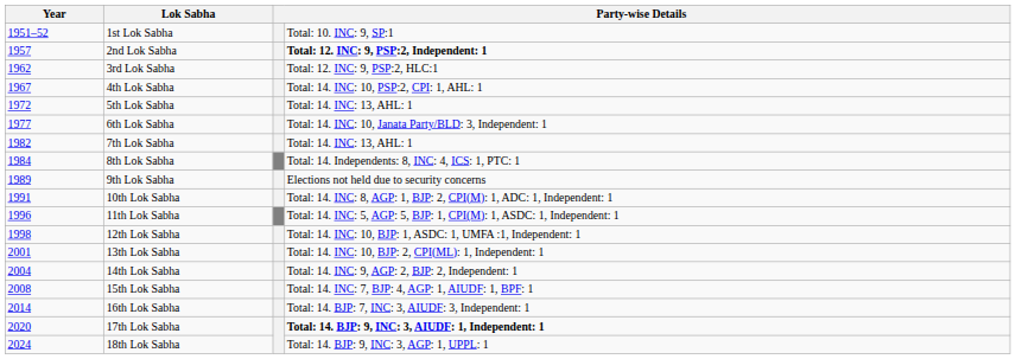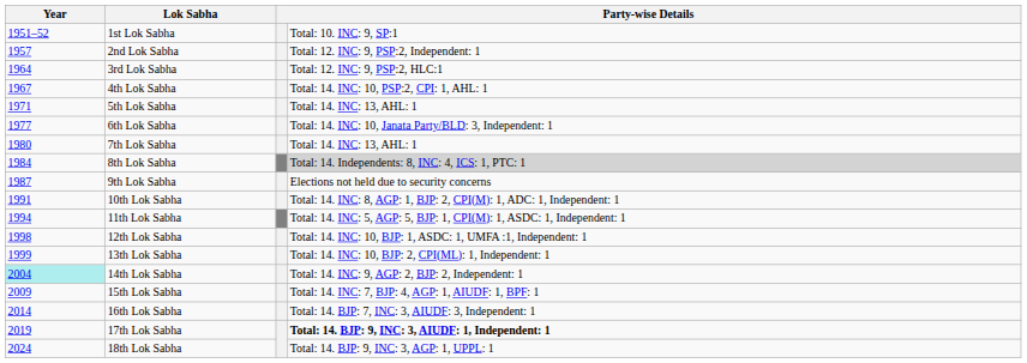 <table class="wikitable" width="70%">
 <tr>
 <th>Year</th>
 <th>Lok Sabha</th>
 <th colspan=2>Party-wise Details</th>
 </tr>
 <tr>
 <td><a href='#'>1951–52</a></td>
 <td>1st Lok Sabha</td>
 <th style="background-color: "></th>
 <td>Total: 10. <a href='#'>INC</a>: 9, <a href='#'>SP</a>:1</td>
 </tr>
 <tr --->
 <td><a href='#'>1957</a></td>
 <td>2nd Lok Sabha</td>
 <th style="background-color: "></th>
-<td><strong>Total: 12. <a href='#'>INC</a>: 9, <a href='#'>PSP</a>:2, Independent: 1</strong></td>
+<td>Total: 12. <a href='#'>INC</a>: 9, <a href='#'>PSP</a>:2, Independent: 1</td>
 </tr>
 <tr --->
-<td><a href='#'>1962</a></td>
+<td><a href='#'>1964</a></td>
 <td>3rd Lok Sabha</td>
 <th style="background-color: "></th>
 <td>Total: 12. <a href='#'>INC</a>: 9, <a href='#'>PSP</a>:2, HLC:1</td>
 </tr>
 <tr --->
 <td><a href='#'>1967</a></td>
 <td>4th Lok Sabha</td>
 <th style="background-color: "></th>
 <td>Total: 14. <a href='#'>INC</a>: 10, <a href='#'>PSP</a>:2, <a href='#'>CPI</a>: 1, AHL: 1</td>
 </tr>
 <tr --->
-<td><a href='#'>1972</a></td>
+<td><a href='#'>1971</a></td>
 <td>5th Lok Sabha</td>
 <th style="background-color: "></th>
 <td>Total: 14. <a href='#'>INC</a>: 13, AHL: 1</td>
 </tr>
 <tr --->
 <td><a href='#'>1977</a></td>
 <td>6th Lok Sabha</td>
 <th style="background-color: "></th>
 <td>Total: 14. <a href='#'>INC</a>: 10, <a href='#'>Janata Party/BLD</a>: 3, Independent: 1</td>
 </tr>
 <tr --->
-<td><a href='#'>1982</a></td>
+<td><a href='#'>1980</a></td>
 <td>7th Lok Sabha</td>
 <th style="background-color: "></th>
 <td>Total: 14. <a href='#'>INC</a>: 13, AHL: 1</td>
 </tr>
 <tr --->
 <td><a href='#'>1984</a></td>
 <td>8th Lok Sabha</td>
 <th style="background-color: grey"></th>
-<td>Total: 14. Independents: 8, <a href='#'>INC</a>: 4, <a href='#'>ICS</a>: 1, PTC: 1</td>
+<td style="background: lightgrey;">Total: 14. Independents: 8, <a href='#'>INC</a>: 4, <a href='#'>ICS</a>: 1, PTC: 1</td>
 </tr>
 <tr --->
-<td><a href='#'>1989</a></td>
+<td><a href='#'>1987</a></td>
 <td>9th Lok Sabha</td>
 <th style="background-color: "></th>
 <td>Elections not held due to security concerns</td>
 </tr>
 <tr --->
 <td><a href='#'>1991</a></td>
 <td>10th Lok Sabha</td>
 <th style="background-color: "></th>
 <td>Total: 14. <a href='#'>INC</a>: 8, <a href='#'>AGP</a>: 1, <a href='#'>BJP</a>: 2, <a href='#'>CPI(M)</a>: 1, ADC: 1, Independent: 1</td>
 </tr>
 <tr --->
-<td><a href='#'>1996</a></td>
+<td><a href='#'>1994</a></td>
 <td>11th Lok Sabha</td>
 <th style="background-color: grey"></th>
 <td>Total: 14. <a href='#'>INC</a>: 5, <a href='#'>AGP</a>: 5, <a href='#'>BJP</a>: 1, <a href='#'>CPI(M)</a>: 1, ASDC: 1, Independent: 1</td>
 </tr>
 <tr --->
 <td><a href='#'>1998</a></td>
 <td>12th Lok Sabha</td>
 <th style="background-color: "></th>
 <td>Total: 14. <a href='#'>INC</a>: 10, <a href='#'>BJP</a>: 1, ASDC: 1, UMFA :1, Independent: 1</td>
 </tr>
 <tr --->
-<td><a href='#'>2001</a></td>
+<td><a href='#'>1999</a></td>
 <td>13th Lok Sabha</td>
 <th style="background-color: "></th>
 <td>Total: 14. <a href='#'>INC</a>: 10, <a href='#'>BJP</a>: 2, <a href='#'>CPI(ML)</a>: 1, Independent: 1</td>
 </tr>
 <tr --->
-<td><a href='#'>2004</a></td>
+<td style="background: paleturquoise;"><a href='#'>2004</a></td>
 <td>14th Lok Sabha</td>
 <th style="background-color: "></th>
 <td>Total: 14. <a href='#'>INC</a>: 9, <a href='#'>AGP</a>: 2, <a href='#'>BJP</a>: 2, Independent: 1</td>
 </tr>
 <tr --->
-<td><a href='#'>2008</a></td>
+<td><a href='#'>2009</a></td>
 <td>15th Lok Sabha</td>
 <th style="background-color: "></th>
 <td>Total: 14. <a href='#'>INC</a>: 7, <a href='#'>BJP</a>: 4, <a href='#'>AGP</a>: 1, <a href='#'>AIUDF</a>: 1, <a href='#'>BPF</a>: 1</td>
 </tr>
 <tr --->
 <td><a href='#'>2014</a></td>
 <td>16th Lok Sabha</td>
 <th style="background-color: "></th>
 <td>Total: 14. <a href='#'>BJP</a>: 7, <a href='#'>INC</a>: 3, <a href='#'>AIUDF</a>: 3, Independent: 1</td>
 </tr>
 <tr --->
-<td><a href='#'>2020</a></td>
+<td><a href='#'>2019</a></td>
 <td>17th Lok Sabha</td>
 <th rowspan="2" style="background-color: "></th>
 <td><strong>Total: 14. <a href='#'>BJP</a>: 9, <a href='#'>INC</a>: 3, <a href='#'>AIUDF</a>: 1, Independent: 1</strong></td>
 </tr>
 <tr>
 <td><a href='#'>2024</a></td>
 <td>18th Lok Sabha</td>
 <td>Total: 14. <a href='#'>BJP</a>: 9, <a href='#'>INC</a>: 3, <a href='#'>AGP</a>: 1, <a href='#'>UPPL</a>: 1</td>
 </tr>
 </table>
